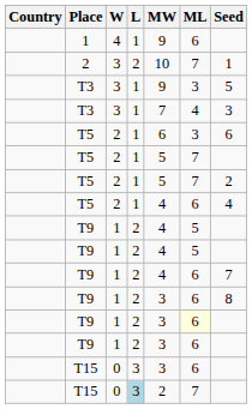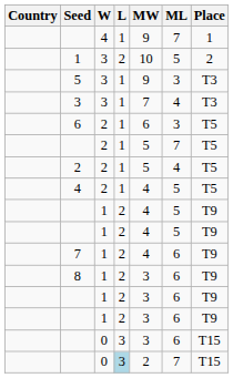 <table class="wikitable sortable" style="text-align:center">
 <tr>
 <th>Country</th>
-<th>Place</th>
+<th>Seed</th>
 <th>W</th>
 <th>L</th>
 <th>MW</th>
 <th>ML</th>
-<th>Seed</th>
+<th>Place</th>
 </tr>
 <tr>
 <td align=left></td>
-<td>1</td>
+<td></td>
 <td>4</td>
 <td>1</td>
 <td>9</td>
-<td>6</td>
-<td></td>
-</tr>
-<tr>
-<td align=left></td>
-<td>2</td>
-<td>3</td>
-<td>2</td>
-<td>10</td>
 <td>7</td>
 <td>1</td>
 </tr>
 <tr>
 <td align=left></td>
-<td>T3</td>
+<td>1</td>
+<td>3</td>
+<td>2</td>
+<td>10</td>
+<td>5</td>
+<td>2</td>
+</tr>
+<tr>
+<td align=left></td>
+<td>5</td>
 <td>3</td>
 <td>1</td>
 <td>9</td>
 <td>3</td>
-<td>5</td>
+<td>T3</td>
 </tr>
 <tr>
 <td align=left></td>
-<td>T3</td>
+<td>3</td>
 <td>3</td>
 <td>1</td>
 <td>7</td>
 <td>4</td>
-<td>3</td>
+<td>T3</td>
 </tr>
 <tr>
 <td align=left></td>
-<td>T5</td>
+<td>6</td>
 <td>2</td>
 <td>1</td>
 <td>6</td>
 <td>3</td>
-<td>6</td>
+<td>T5</td>
 </tr>
 <tr>
 <td align=left></td>
-<td>T5</td>
+<td></td>
 <td>2</td>
 <td>1</td>
 <td>5</td>
 <td>7</td>
-<td></td>
+<td>T5</td>
 </tr>
 <tr>
 <td align=left></td>
-<td>T5</td>
+<td>2</td>
 <td>2</td>
 <td>1</td>
 <td>5</td>
-<td>7</td>
-<td>2</td>
+<td>4</td>
+<td>T5</td>
 </tr>
 <tr>
 <td align=left></td>
-<td>T5</td>
+<td>4</td>
 <td>2</td>
 <td>1</td>
 <td>4</td>
-<td>6</td>
-<td>4</td>
+<td>5</td>
+<td>T5</td>
 </tr>
 <tr>
 <td align=left></td>
-<td>T9</td>
+<td></td>
 <td>1</td>
 <td>2</td>
 <td>4</td>
 <td>5</td>
-<td></td>
+<td>T9</td>
 </tr>
 <tr>
 <td align=left></td>
-<td>T9</td>
+<td></td>
 <td>1</td>
 <td>2</td>
 <td>4</td>
 <td>5</td>
-<td></td>
+<td>T9</td>
 </tr>
 <tr>
 <td align=left></td>
-<td>T9</td>
+<td>7</td>
 <td>1</td>
 <td>2</td>
 <td>4</td>
 <td>6</td>
-<td>7</td>
+<td>T9</td>
 </tr>
 <tr>
 <td align=left></td>
-<td>T9</td>
+<td>8</td>
 <td>1</td>
 <td>2</td>
 <td>3</td>
 <td>6</td>
-<td>8</td>
+<td>T9</td>
 </tr>
 <tr>
 <td align=left></td>
-<td>T9</td>
-<td>1</td>
-<td>2</td>
-<td>3</td>
-<td style="background: lightyellow;">6</td>
 <td></td>
-</tr>
-<tr>
-<td align=left></td>
-<td>T9</td>
 <td>1</td>
 <td>2</td>
 <td>3</td>
 <td>6</td>
-<td></td>
+<td>T9</td>
 </tr>
 <tr>
 <td align=left></td>
-<td>T15</td>
+<td></td>
+<td>1</td>
+<td>2</td>
+<td>3</td>
+<td>6</td>
+<td>T9</td>
+</tr>
+<tr>
+<td align=left></td>
+<td></td>
 <td>0</td>
 <td>3</td>
 <td>3</td>
 <td>6</td>
-<td></td>
+<td>T15</td>
 </tr>
 <tr>
 <td align=left></td>
-<td>T15</td>
+<td></td>
 <td>0</td>
 <td style="background: lightblue;">3</td>
 <td>2</td>
 <td>7</td>
-<td></td>
+<td>T15</td>
 </tr>
 </table>
